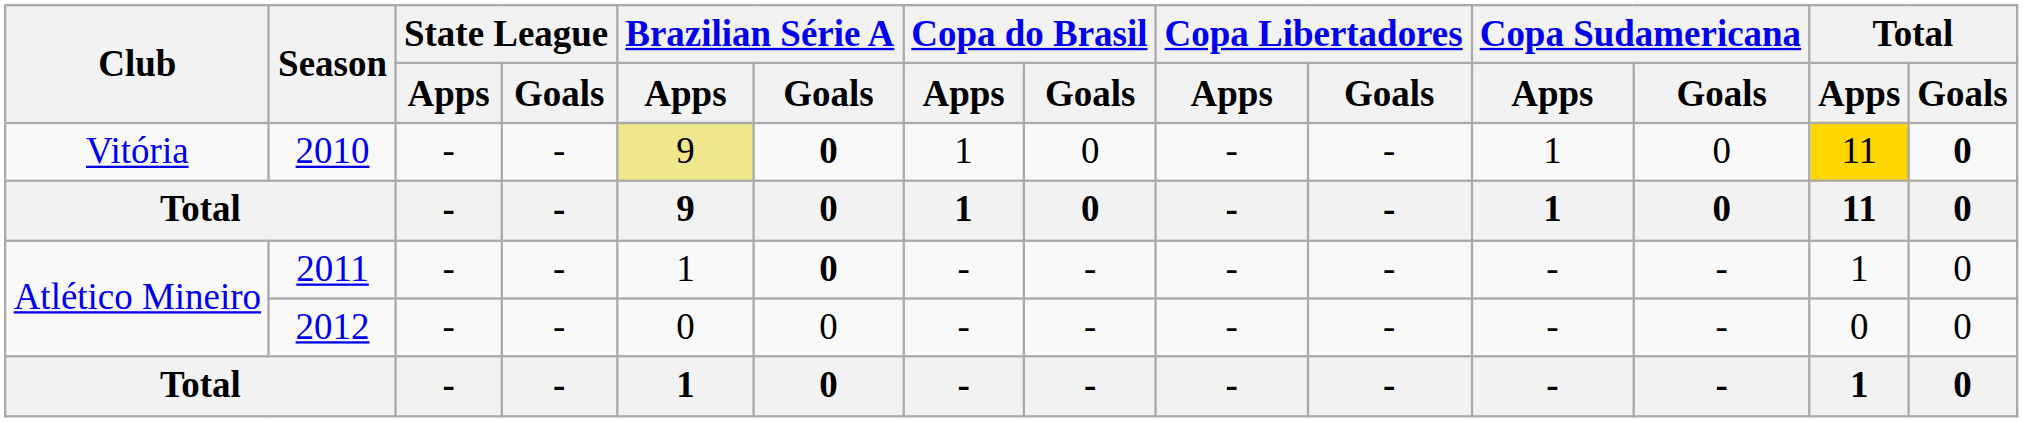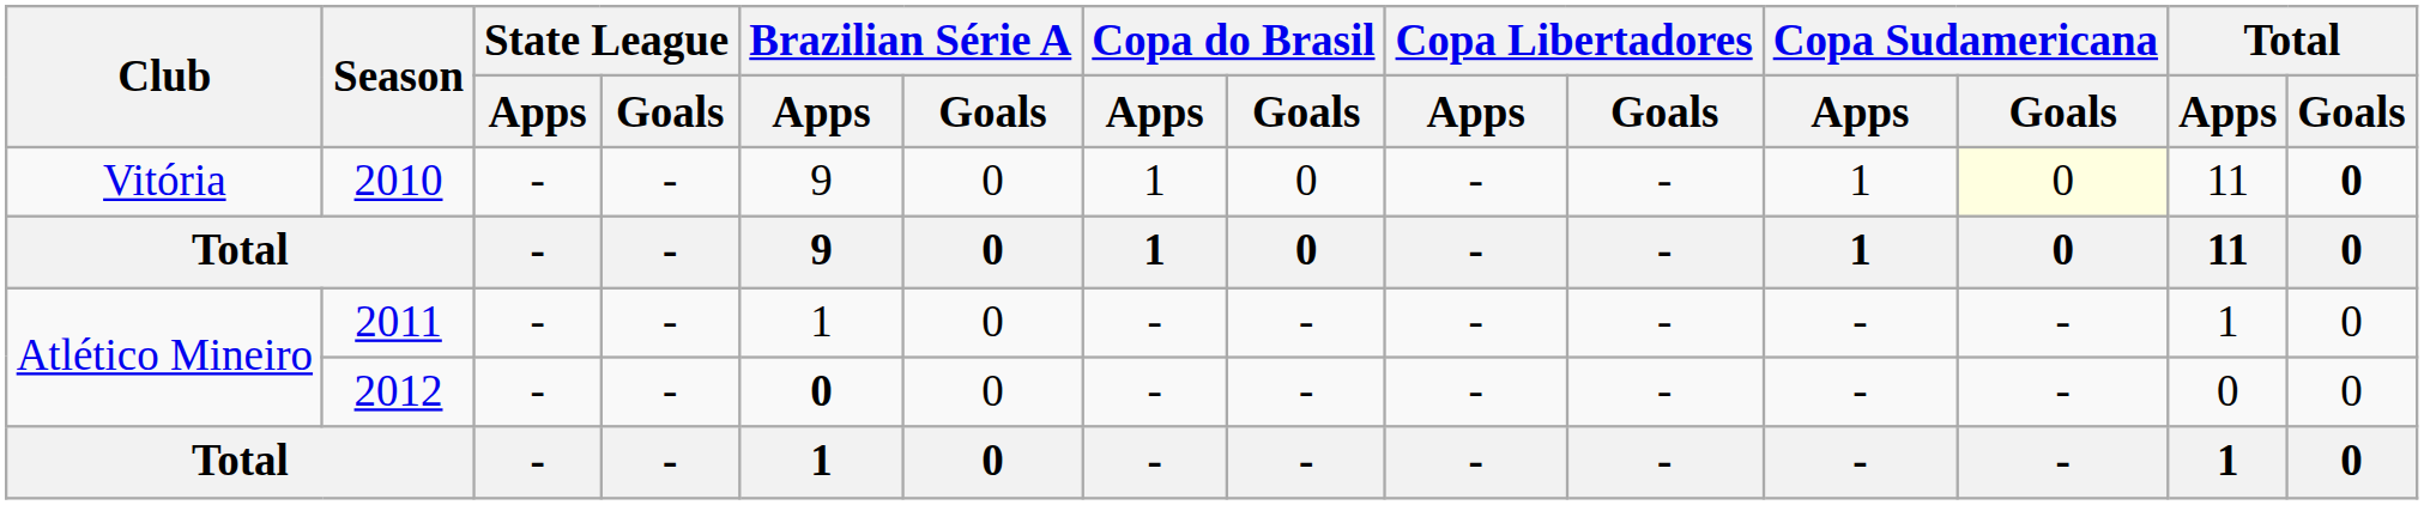 <table class="wikitable" style="text-align: center;">
 <tr>
 <th rowspan="2">Club</th>
 <th rowspan="2">Season</th>
 <th colspan="2">State League</th>
 <th colspan="2"><a href='#'>Brazilian Série A</a></th>
 <th colspan="2"><a href='#'>Copa do Brasil</a></th>
 <th colspan="2"><a href='#'>Copa Libertadores</a></th>
 <th colspan="2"><a href='#'>Copa Sudamericana</a></th>
 <th colspan="2">Total</th>
 </tr>
 <tr>
 <th>Apps</th>
 <th>Goals</th>
 <th>Apps</th>
 <th>Goals</th>
 <th>Apps</th>
 <th>Goals</th>
 <th>Apps</th>
 <th>Goals</th>
 <th>Apps</th>
 <th>Goals</th>
 <th>Apps</th>
 <th>Goals</th>
 </tr>
 <tr>
 <td rowspan="1" valign="center"><a href='#'>Vitória</a></td>
 <td><a href='#'>2010</a></td>
 <td>-</td>
 <td>-</td>
-<td style="background: khaki;">9</td>
-<td><strong>0</strong></td>
+<td>9</td>
+<td>0</td>
 <td>1</td>
 <td>0</td>
 <td>-</td>
 <td>-</td>
 <td>1</td>
-<td>0</td>
-<td style="background: gold;">11</td>
+<td style="background: lightyellow;">0</td>
+<td>11</td>
 <td><strong>0</strong></td>
 </tr>
 <tr>
 <th colspan="2"><strong>Total</strong></th>
 <th>-</th>
 <th>-</th>
 <th>9</th>
 <th>0</th>
 <th>1</th>
 <th>0</th>
 <th>-</th>
 <th>-</th>
 <th>1</th>
 <th>0</th>
 <th>11</th>
 <th>0</th>
 </tr>
 <tr>
 <td rowspan="2" valign="center"><a href='#'>Atlético Mineiro</a></td>
 <td><a href='#'>2011</a></td>
 <td>-</td>
 <td>-</td>
 <td>1</td>
-<td><strong>0</strong></td>
+<td>0</td>
 <td>-</td>
 <td>-</td>
 <td>-</td>
 <td>-</td>
 <td>-</td>
 <td>-</td>
 <td>1</td>
 <td>0</td>
 </tr>
 <tr>
 <td><a href='#'>2012</a></td>
 <td>-</td>
 <td>-</td>
-<td>0</td>
+<td><strong>0</strong></td>
 <td>0</td>
 <td>-</td>
 <td>-</td>
 <td>-</td>
 <td>-</td>
 <td>-</td>
 <td>-</td>
 <td>0</td>
 <td>0</td>
 </tr>
 <tr>
 <th colspan="2"><strong>Total</strong></th>
 <th>-</th>
 <th>-</th>
 <th>1</th>
 <th>0</th>
 <th>-</th>
 <th>-</th>
 <th>-</th>
 <th>-</th>
 <th>-</th>
 <th>-</th>
 <th>1</th>
 <th>0</th>
 </tr>
 </table>
